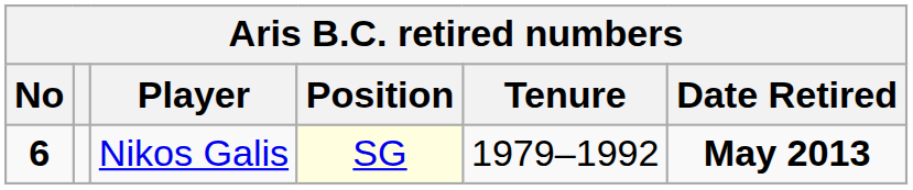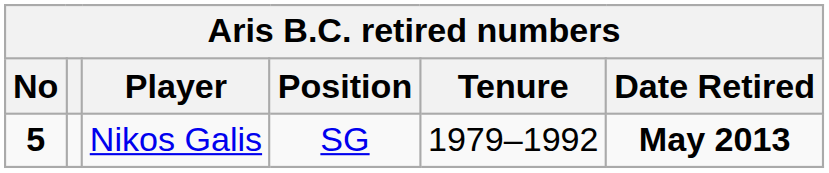 <table class="wikitable" style="text-align:center">
 <tr>
 <th colspan="6">Aris B.C. retired numbers</th>
 </tr>
 <tr>
 <th>No</th>
 <th></th>
 <th>Player</th>
 <th>Position</th>
 <th>Tenure</th>
 <th>Date Retired</th>
 </tr>
 <tr>
-<td><strong>6</strong></td>
+<td><strong>5</strong></td>
 <td></td>
 <td><a href='#'>Nikos Galis</a></td>
-<td style="background: lightyellow;"><a href='#'>SG</a></td>
+<td><a href='#'>SG</a></td>
 <td>1979–1992</td>
 <td><strong>May 2013</strong></td>
 </tr>
 </table>
